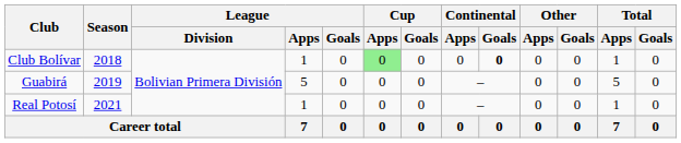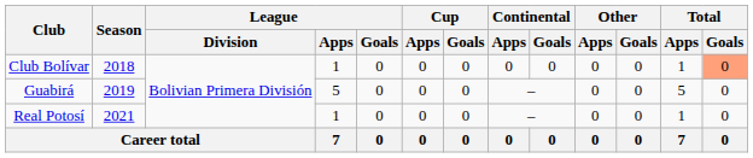 <table class="wikitable" style="text-align: center">
 <tr>
 <th rowspan="2">Club</th>
 <th rowspan="2">Season</th>
 <th colspan="3">League</th>
 <th colspan="2">Cup</th>
 <th colspan="2">Continental</th>
 <th colspan="2">Other</th>
 <th colspan="2">Total</th>
 </tr>
 <tr>
 <th>Division</th>
 <th>Apps</th>
 <th>Goals</th>
 <th>Apps</th>
 <th>Goals</th>
 <th>Apps</th>
 <th>Goals</th>
 <th>Apps</th>
 <th>Goals</th>
 <th>Apps</th>
 <th>Goals</th>
 </tr>
 <tr>
 <td><a href='#'>Club Bolívar</a></td>
 <td><a href='#'>2018</a></td>
 <td rowspan="3"><a href='#'>Bolivian Primera División</a></td>
 <td>1</td>
 <td>0</td>
-<td style="background: lightgreen;">0</td>
 <td>0</td>
 <td>0</td>
-<td><strong>0</strong></td>
+<td>0</td>
+<td>0</td>
 <td>0</td>
 <td>0</td>
 <td>1</td>
-<td>0</td>
+<td style="background: lightsalmon;">0</td>
 </tr>
 <tr>
 <td><a href='#'>Guabirá</a></td>
 <td><a href='#'>2019</a></td>
 <td>5</td>
 <td>0</td>
 <td>0</td>
 <td>0</td>
 <td colspan="2">–</td>
 <td>0</td>
 <td>0</td>
 <td>5</td>
 <td>0</td>
 </tr>
 <tr>
 <td><a href='#'>Real Potosí</a></td>
 <td><a href='#'>2021</a></td>
 <td>1</td>
 <td>0</td>
 <td>0</td>
 <td>0</td>
 <td colspan="2">–</td>
 <td>0</td>
 <td>0</td>
 <td>1</td>
 <td>0</td>
 </tr>
 <tr>
 <th colspan="3"><strong>Career total</strong></th>
 <th>7</th>
 <th>0</th>
 <th>0</th>
 <th>0</th>
 <th>0</th>
 <th>0</th>
 <th>0</th>
 <th>0</th>
 <th>7</th>
 <th>0</th>
 </tr>
 </table>
